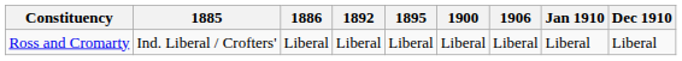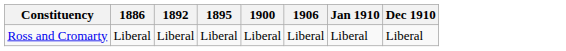 <table class="wikitable sortable">
 <tr>
 <th>Constituency</th>
-<th>1885</th>
 <th>1886</th>
 <th>1892</th>
 <th>1895</th>
 <th>1900</th>
 <th>1906</th>
 <th>Jan 1910</th>
 <th>Dec 1910</th>
 </tr>
 <tr>
 <td><a href='#'>Ross and Cromarty</a></td>
-<td>Ind. Liberal / Crofters'</td>
 <td>Liberal</td>
 <td>Liberal</td>
 <td>Liberal</td>
 <td>Liberal</td>
 <td>Liberal</td>
 <td>Liberal</td>
 <td>Liberal</td>
 </tr>
 </table>
